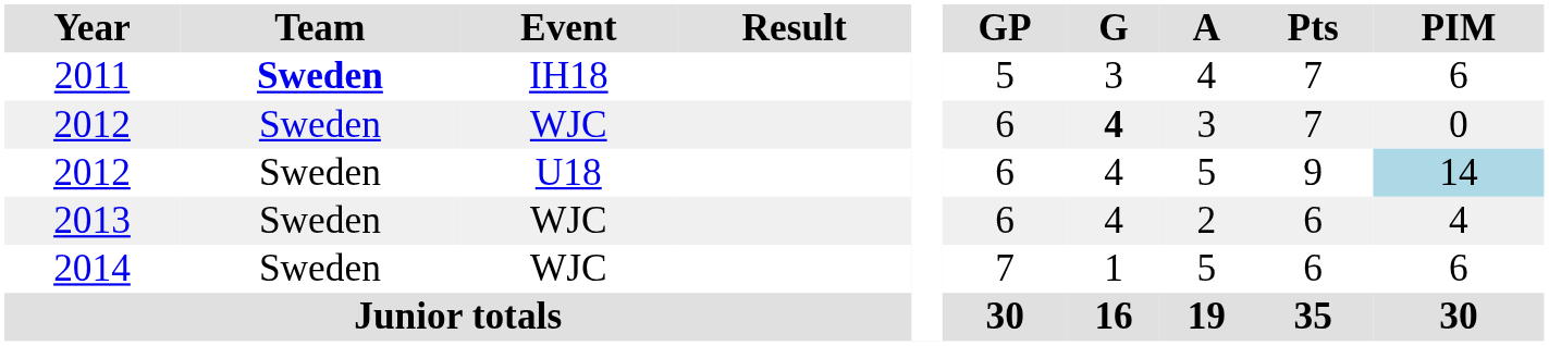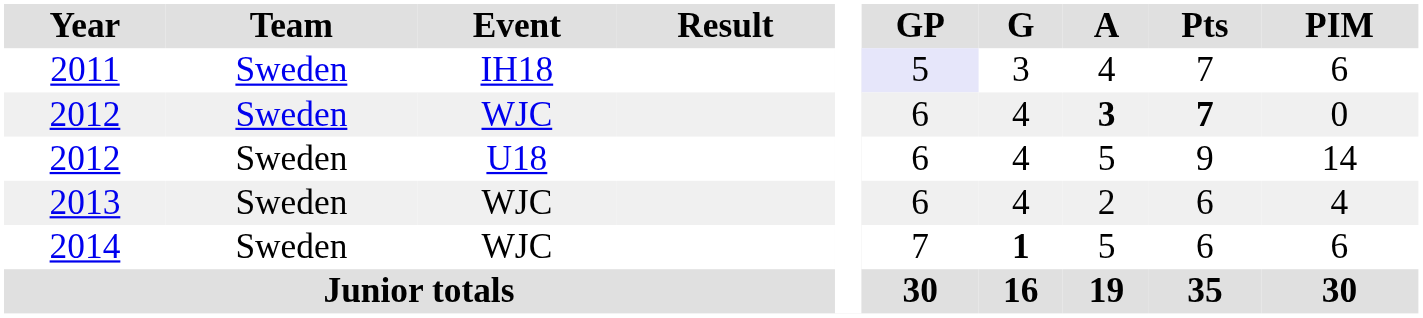 <table border="0" cellpadding="1" cellspacing="0" style="text-align:center; width:40em">
 <tr ALIGN="center" bgcolor="#e0e0e0">
 <th>Year</th>
 <th>Team</th>
 <th>Event</th>
 <th>Result</th>
 <th rowspan="99" bgcolor="#ffffff"> </th>
 <th>GP</th>
 <th>G</th>
 <th>A</th>
 <th>Pts</th>
 <th>PIM</th>
 </tr>
 <tr>
 <td><a href='#'>2011</a></td>
-<td><strong><a href='#'>Sweden</a></strong></td>
+<td><a href='#'>Sweden</a></td>
 <td><a href='#'>IH18</a></td>
 <td></td>
-<td>5</td>
+<td style="background: lavender;">5</td>
 <td>3</td>
 <td>4</td>
 <td>7</td>
 <td>6</td>
 </tr>
 <tr bgcolor="#f0f0f0">
 <td><a href='#'>2012</a></td>
 <td><a href='#'>Sweden</a></td>
 <td><a href='#'>WJC</a></td>
 <td></td>
 <td>6</td>
-<td><strong>4</strong></td>
-<td>3</td>
-<td>7</td>
+<td>4</td>
+<td><strong>3</strong></td>
+<td><strong>7</strong></td>
 <td>0</td>
 </tr>
 <tr>
 <td><a href='#'>2012</a></td>
 <td>Sweden</td>
 <td><a href='#'>U18</a></td>
 <td></td>
 <td>6</td>
 <td>4</td>
 <td>5</td>
 <td>9</td>
-<td style="background: lightblue;">14</td>
+<td>14</td>
 </tr>
 <tr bgcolor="#f0f0f0">
 <td><a href='#'>2013</a></td>
 <td>Sweden</td>
 <td>WJC</td>
 <td></td>
 <td>6</td>
 <td>4</td>
 <td>2</td>
 <td>6</td>
 <td>4</td>
 </tr>
 <tr>
 <td><a href='#'>2014</a></td>
 <td>Sweden</td>
 <td>WJC</td>
 <td></td>
 <td>7</td>
-<td>1</td>
+<td><strong>1</strong></td>
 <td>5</td>
 <td>6</td>
 <td>6</td>
 </tr>
 <tr bgcolor="#e0e0e0">
 <th colspan="4">Junior totals</th>
 <th>30</th>
 <th>16</th>
 <th>19</th>
 <th>35</th>
 <th>30</th>
 </tr>
 </table>
